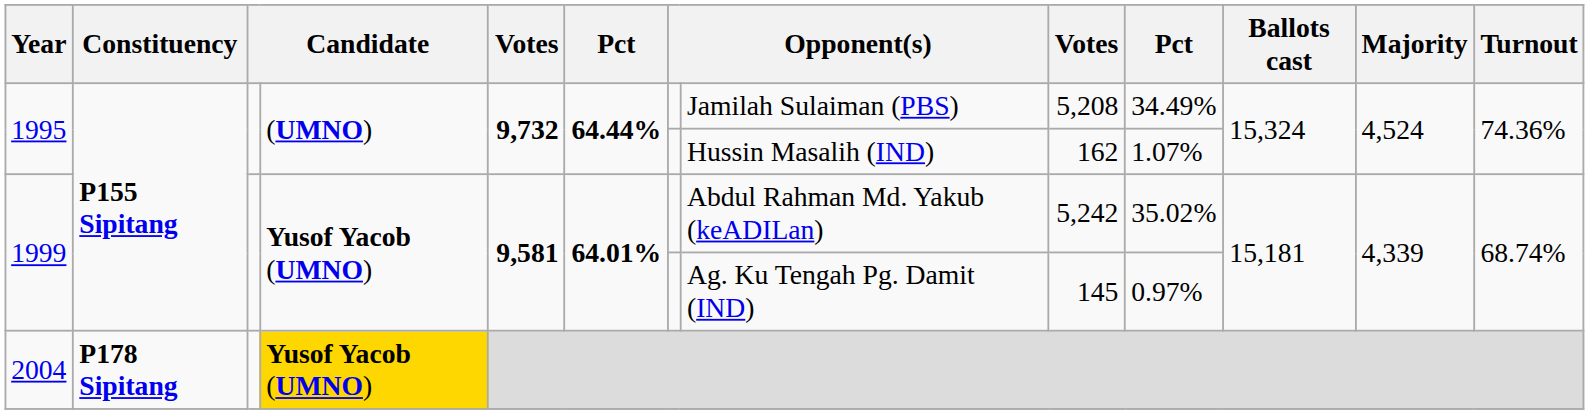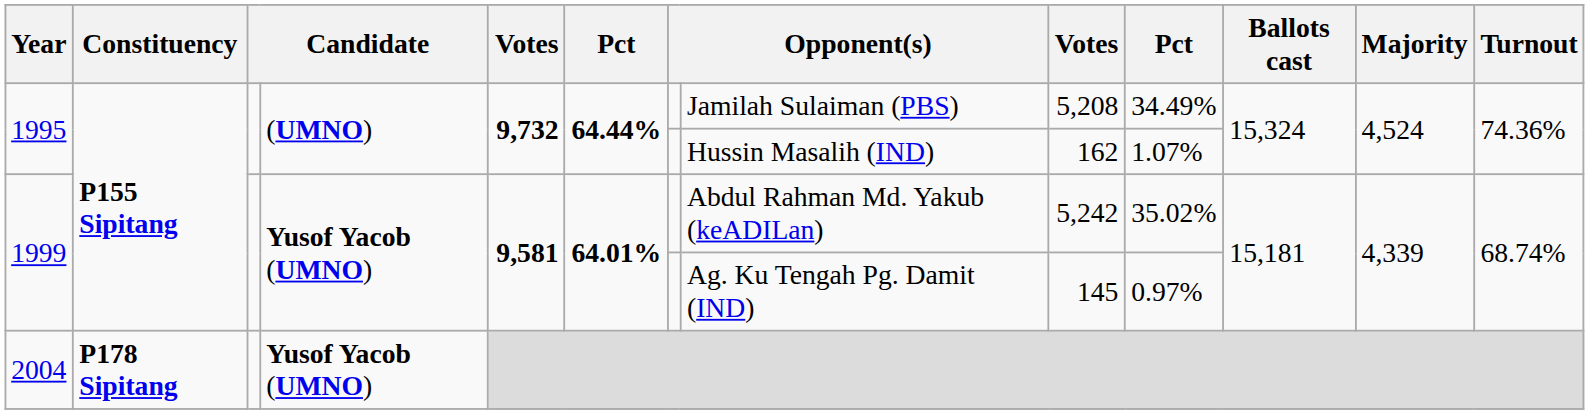 <table class="wikitable" style="margin:0.5em ; font-size:95%">
 <tr>
 <th>Year</th>
 <th>Constituency</th>
 <th colspan=2>Candidate</th>
 <th>Votes</th>
 <th>Pct</th>
 <th colspan=2>Opponent(s)</th>
 <th>Votes</th>
 <th>Pct</th>
 <th>Ballots cast</th>
 <th>Majority</th>
 <th>Turnout</th>
 </tr>
 <tr>
 <td rowspan=2><a href='#'>1995</a></td>
 <td rowspan=4><strong>P155 <a href='#'>Sipitang</a></strong></td>
 <td rowspan=2 ></td>
 <td rowspan=2> (<a href='#'><strong>UMNO</strong></a>)</td>
 <td rowspan=2 align="right"><strong>9,732</strong></td>
 <td rowspan=2><strong>64.44%</strong></td>
 <td></td>
 <td>Jamilah Sulaiman (<a href='#'>PBS</a>)</td>
 <td align="right">5,208</td>
 <td>34.49%</td>
 <td rowspan=2>15,324</td>
 <td rowspan=2>4,524</td>
 <td rowspan=2>74.36%</td>
 </tr>
 <tr>
 <td></td>
 <td>Hussin Masalih (<a href='#'>IND</a>)</td>
 <td align="right">162</td>
 <td>1.07%</td>
 </tr>
 <tr>
 <td rowspan=2><a href='#'>1999</a></td>
 <td rowspan=2 ></td>
 <td rowspan=2><strong>Yusof Yacob</strong> (<a href='#'><strong>UMNO</strong></a>)</td>
 <td rowspan=2 align="right"><strong>9,581</strong></td>
 <td rowspan=2><strong>64.01%</strong></td>
 <td></td>
 <td>Abdul Rahman Md. Yakub (<a href='#'>keADILan</a>)</td>
 <td align="right">5,242</td>
 <td>35.02%</td>
 <td rowspan=2>15,181</td>
 <td rowspan=2>4,339</td>
 <td rowspan=2>68.74%</td>
 </tr>
 <tr>
 <td></td>
 <td>Ag. Ku Tengah Pg. Damit (<a href='#'>IND</a>)</td>
 <td align="right">145</td>
 <td>0.97%</td>
 </tr>
 <tr>
 <td><a href='#'>2004</a></td>
 <td><strong>P178 <a href='#'>Sipitang</a></strong></td>
 <td></td>
-<td style="background: gold;"><strong>Yusof Yacob</strong> (<a href='#'><strong>UMNO</strong></a>)</td>
+<td><strong>Yusof Yacob</strong> (<a href='#'><strong>UMNO</strong></a>)</td>
 <td colspan="9" bgcolor="dcdcdc"></td>
 </tr>
 </table>
